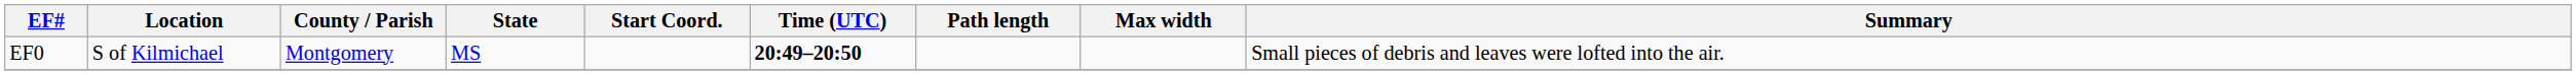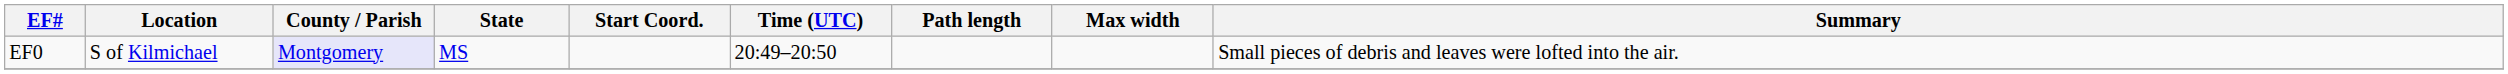 <table class="wikitable sortable" style="width:100%;">
 <tr>
 <th scope="col" style="width:3%; text-align:center;"><a href='#'>EF#</a></th>
 <th scope="col" style="width:7%; text-align:center;" class="unsortable">Location</th>
 <th scope="col" style="width:6%; text-align:center;" class="unsortable">County / Parish</th>
 <th scope="col" style="width:5%; text-align:center;">State</th>
 <th scope="col" style="width:6%; text-align:center;">Start Coord.</th>
 <th scope="col" style="width:6%; text-align:center;">Time (<a href='#'>UTC</a>)</th>
 <th scope="col" style="width:6%; text-align:center;">Path length</th>
 <th scope="col" style="width:6%; text-align:center;">Max width</th>
 <th scope="col" class="unsortable" style="width:48%; text-align:center;">Summary</th>
 </tr>
 <tr>
 <td bgcolor=>EF0</td>
 <td>S of <a href='#'>Kilmichael</a></td>
-<td><a href='#'>Montgomery</a></td>
+<td style="background: lavender;"><a href='#'>Montgomery</a></td>
 <td><a href='#'>MS</a></td>
 <td></td>
-<td><strong>20:49–20:50</strong></td>
+<td>20:49–20:50</td>
 <td></td>
 <td></td>
 <td>Small pieces of debris and leaves were lofted into the air.</td>
 </tr>
 <tr>
 </tr>
 </table>
